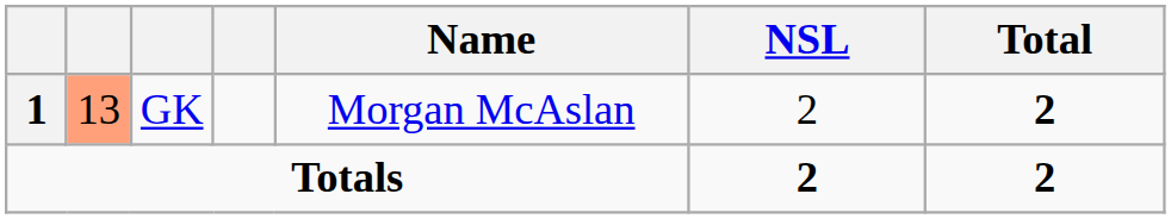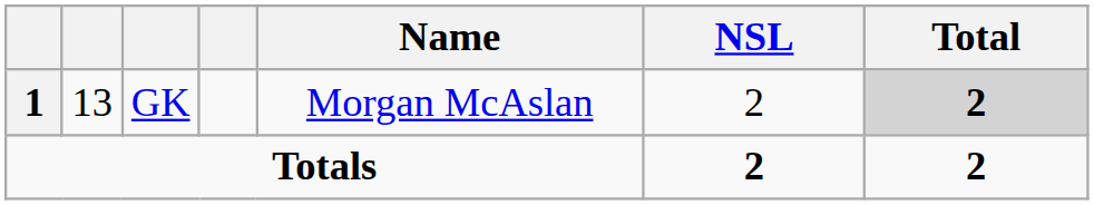 <table class="wikitable sortable alternance" style="text-align:center">
 <tr>
 <th width=15></th>
 <th width=15></th>
 <th width=15></th>
 <th width=15></th>
 <th width=145>Name</th>
 <th width=80><a href='#'>NSL</a></th>
 <th width=80>Total</th>
 </tr>
 <tr>
 <th>1</th>
-<td style="background: lightsalmon;">13</td>
+<td>13</td>
 <td><a href='#'>GK</a></td>
 <td></td>
 <td><a href='#'>Morgan McAslan</a></td>
 <td>2</td>
-<td><strong>2</strong></td>
+<td style="background: lightgrey;"><strong>2</strong></td>
 </tr>
 <tr>
 <td colspan="5"><strong>Totals</strong></td>
 <td><strong>2</strong></td>
 <td><strong>2</strong></td>
 </tr>
 </table>
